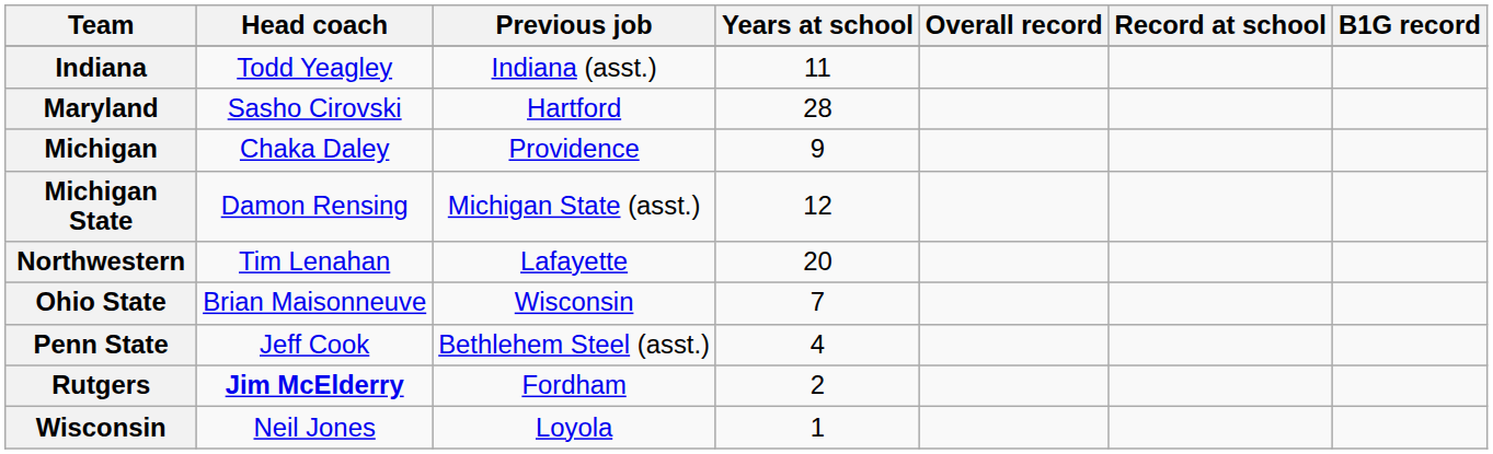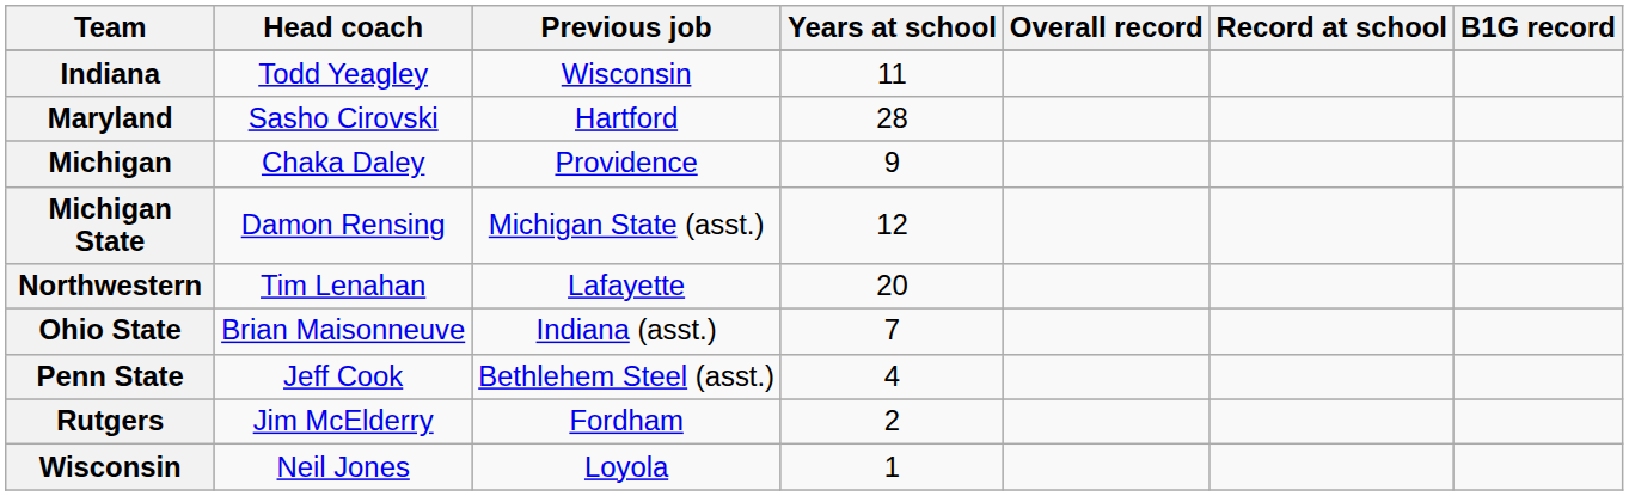 <table class="wikitable sortable" style="text-align: center;">
 <tr>
 <th style="width:110px;">Team</th>
 <th>Head coach</th>
 <th>Previous job</th>
 <th>Years at school</th>
 <th>Overall record</th>
 <th>Record at school</th>
 <th>B1G record</th>
 </tr>
 <tr>
 </tr>
 <tr>
 <th>Indiana</th>
 <td><a href='#'>Todd Yeagley</a></td>
-<td><a href='#'>Indiana</a> (asst.)</td>
+<td><a href='#'>Wisconsin</a></td>
 <td>11</td>
 <td></td>
 <td></td>
 <td></td>
 </tr>
 <tr>
 <th>Maryland</th>
 <td><a href='#'>Sasho Cirovski</a></td>
 <td><a href='#'>Hartford</a></td>
 <td>28</td>
 <td></td>
 <td></td>
 <td></td>
 </tr>
 <tr>
 <th>Michigan</th>
 <td><a href='#'>Chaka Daley</a></td>
 <td><a href='#'>Providence</a></td>
 <td>9</td>
 <td></td>
 <td></td>
 <td></td>
 </tr>
 <tr>
 <th>Michigan State</th>
 <td><a href='#'>Damon Rensing</a></td>
 <td><a href='#'>Michigan State</a> (asst.)</td>
 <td>12</td>
 <td></td>
 <td></td>
 <td></td>
 </tr>
 <tr>
 <th>Northwestern</th>
 <td><a href='#'>Tim Lenahan</a></td>
 <td><a href='#'>Lafayette</a></td>
 <td>20</td>
 <td></td>
 <td></td>
 <td></td>
 </tr>
 <tr>
 <th>Ohio State</th>
 <td><a href='#'>Brian Maisonneuve</a></td>
-<td><a href='#'>Wisconsin</a></td>
+<td><a href='#'>Indiana</a> (asst.)</td>
 <td>7</td>
 <td></td>
 <td></td>
 <td></td>
 </tr>
 <tr>
 <th>Penn State</th>
 <td><a href='#'>Jeff Cook</a></td>
 <td><a href='#'>Bethlehem Steel</a> (asst.)</td>
 <td>4</td>
 <td></td>
 <td></td>
 <td></td>
 </tr>
 <tr>
 <th>Rutgers</th>
-<td><strong><a href='#'>Jim McElderry</a></strong></td>
+<td><a href='#'>Jim McElderry</a></td>
 <td><a href='#'>Fordham</a></td>
 <td>2</td>
 <td></td>
 <td></td>
 <td></td>
 </tr>
 <tr>
 <th>Wisconsin</th>
 <td><a href='#'>Neil Jones</a></td>
 <td><a href='#'>Loyola</a></td>
 <td>1</td>
 <td></td>
 <td></td>
 <td></td>
 </tr>
 </table>
